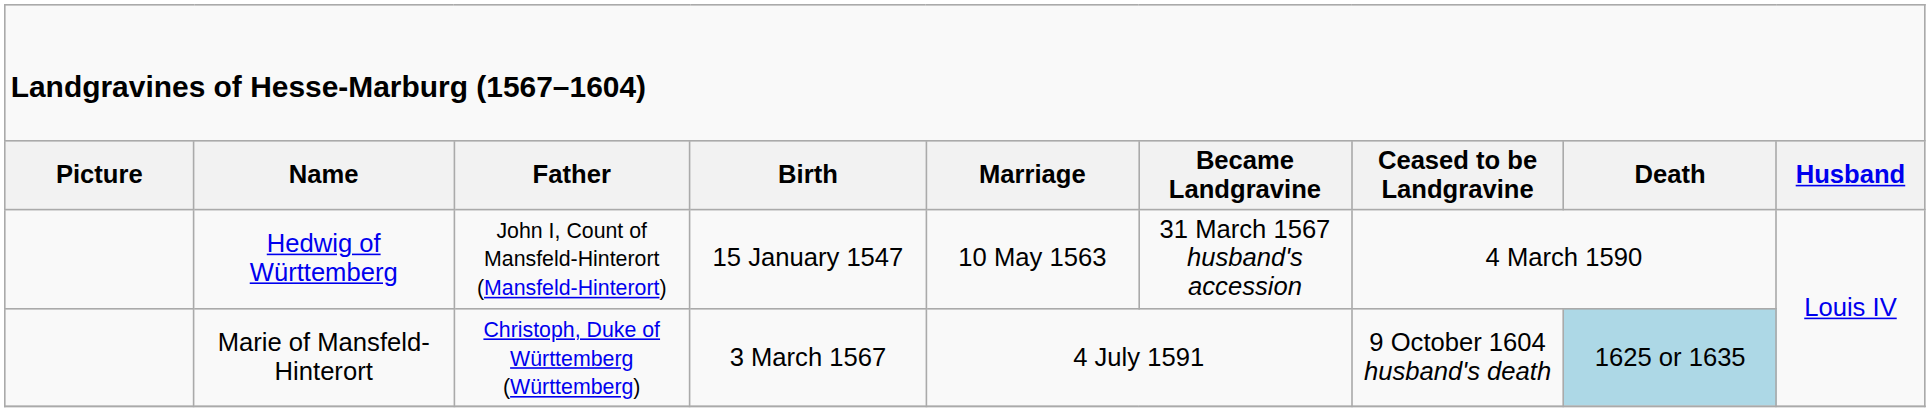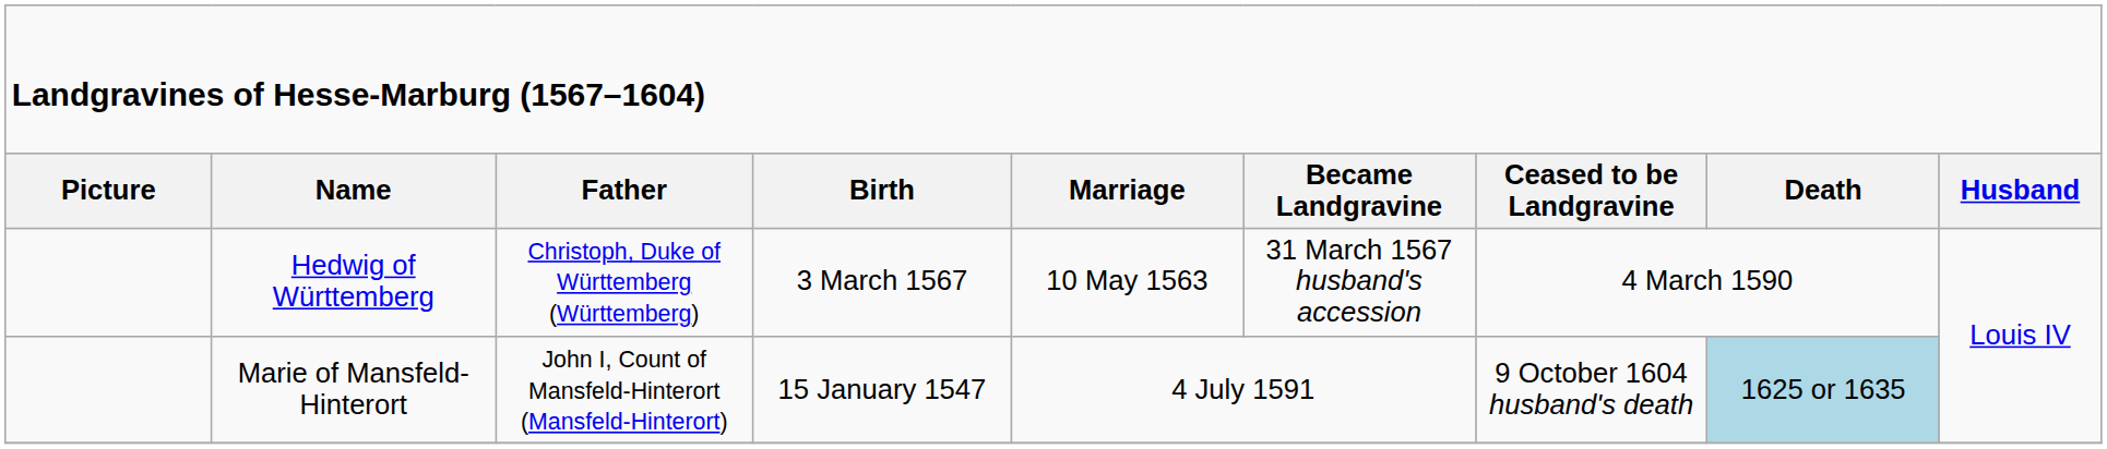 <table width=95% class="wikitable">
 <tr>
 <td colspan="9"><br><h3>Landgravines of Hesse-Marburg (1567–1604)</h3></td>
 </tr>
 <tr>
 <th width = "8%">Picture</th>
 <th width = "11%">Name</th>
 <th width = "10%">Father</th>
 <th width = "10%">Birth</th>
 <th width = "9%">Marriage</th>
 <th width = "9%">Became Landgravine</th>
 <th width = "9%">Ceased to be Landgravine</th>
 <th width = "9%">Death</th>
 <th width = "6%"><a href='#'>Husband</a></th>
 </tr>
 <tr>
 <td align="center"></td>
 <td align="center"><a href='#'>Hedwig of Württemberg</a></td>
-<td align="center"><small>John I, Count of Mansfeld-Hinterort<br>(<a href='#'>Mansfeld-Hinterort</a>)</small></td>
-<td align="center">15 January 1547</td>
+<td align="center"><small><a href='#'>Christoph, Duke of Württemberg</a><br>(<a href='#'>Württemberg</a>)</small></td>
+<td align="center">3 March 1567</td>
 <td align="center">10 May 1563</td>
 <td align="center">31 March 1567<br><em>husband's accession</em></td>
 <td align="center" colspan="2">4 March 1590</td>
 <td align="center" rowspan="2"><a href='#'>Louis IV</a></td>
 </tr>
 <tr>
 <td align="center"></td>
 <td align="center">Marie of Mansfeld-Hinterort</td>
-<td align="center"><small><a href='#'>Christoph, Duke of Württemberg</a><br>(<a href='#'>Württemberg</a>)</small></td>
-<td align="center">3 March 1567</td>
+<td align="center"><small>John I, Count of Mansfeld-Hinterort<br>(<a href='#'>Mansfeld-Hinterort</a>)</small></td>
+<td align="center">15 January 1547</td>
 <td align="center" colspan="2">4 July 1591</td>
 <td align="center">9 October 1604<br><em>husband's death</em></td>
 <td align="center" style="background: lightblue;">1625 or 1635</td>
 </tr>
 <tr>
 </tr>
 </table>
